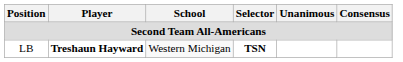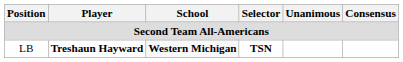 <table class="wikitable">
 <tr>
 <th>Position</th>
 <th>Player</th>
 <th>School</th>
 <th>Selector</th>
 <th>Unanimous</th>
 <th>Consensus</th>
 </tr>
 <tr>
 <td colspan="6" style="text-align:center; background:#ddd;"><strong>Second Team All-Americans</strong></td>
 </tr>
 <tr style="text-align:center;">
 <td style="background:white">LB</td>
 <td style="background:white"><strong>Treshaun Hayward</strong></td>
-<td style=>Western Michigan</td>
+<td style=><strong>Western Michigan</strong></td>
 <td style="background:white"><strong>TSN</strong></td>
 <td style="background:white"></td>
 <td style="background:white"></td>
 </tr>
 </table>
